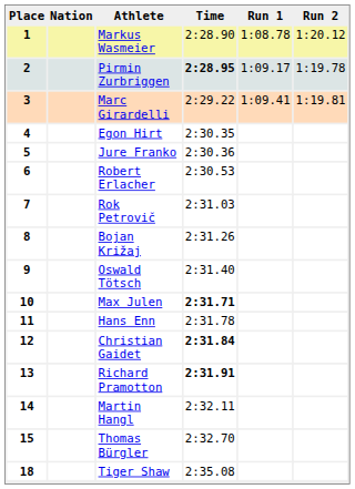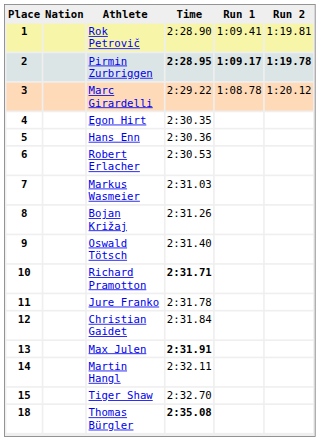 <table style="border-style:solid;border-width:1px;border-color:#808080;background-color:#EFEFEF" cellspacing="2" cellpadding="2" width="380px">
 <tr bgcolor="#EFEFEF">
 <th>Place</th>
 <th>Nation</th>
 <th>Athlete</th>
 <th>Time</th>
 <th>Run 1</th>
 <th>Run 2</th>
 </tr>
 <tr align="center" valign="top" bgcolor="#F7F6A8">
 <th>1</th>
 <td></td>
-<td align="left"><a href='#'>Markus Wasmeier</a></td>
+<td align="left"><a href='#'>Rok Petrovič</a></td>
 <td align="left">2:28.90</td>
-<td>1:08.78</td>
-<td>1:20.12</td>
+<td>1:09.41</td>
+<td>1:19.81</td>
 </tr>
 <tr align="center" valign="top" bgcolor="#DCE5E5">
 <th>2</th>
 <td></td>
 <td align="left"><a href='#'>Pirmin Zurbriggen</a></td>
 <td align="left"><strong>2:28.95</strong></td>
-<td>1:09.17</td>
-<td>1:19.78</td>
+<td><strong>1:09.17</strong></td>
+<td><strong>1:19.78</strong></td>
 </tr>
 <tr align="center" valign="top" bgcolor="#FFDAB9">
 <th>3</th>
 <td></td>
 <td align="left"><a href='#'>Marc Girardelli</a></td>
 <td align="left">2:29.22</td>
-<td>1:09.41</td>
-<td>1:19.81</td>
+<td>1:08.78</td>
+<td>1:20.12</td>
 </tr>
 <tr align="center" valign="top" bgcolor="#FFFFFF">
 <th>4</th>
 <td></td>
 <td align="left"><a href='#'>Egon Hirt</a></td>
 <td align="left">2:30.35</td>
 <td></td>
 <td></td>
 </tr>
 <tr align="center" valign="top" bgcolor="#FFFFFF">
 <th>5</th>
 <td></td>
-<td align="left"><a href='#'>Jure Franko</a></td>
+<td align="left"><a href='#'>Hans Enn</a></td>
 <td align="left">2:30.36</td>
 <td></td>
 <td></td>
 </tr>
 <tr align="center" valign="top" bgcolor="#FFFFFF">
 <th>6</th>
 <td></td>
 <td align="left"><a href='#'>Robert Erlacher</a></td>
 <td align="left">2:30.53</td>
 <td></td>
 <td></td>
 </tr>
 <tr align="center" valign="top" bgcolor="#FFFFFF">
 <th>7</th>
 <td></td>
-<td align="left"><a href='#'>Rok Petrovič</a></td>
+<td align="left"><a href='#'>Markus Wasmeier</a></td>
 <td align="left">2:31.03</td>
 <td></td>
 <td></td>
 </tr>
 <tr align="center" valign="top" bgcolor="#FFFFFF">
 <th>8</th>
 <td></td>
 <td align="left"><a href='#'>Bojan Križaj</a></td>
 <td align="left">2:31.26</td>
 <td></td>
 <td></td>
 </tr>
 <tr align="center" valign="top" bgcolor="#FFFFFF">
 <th>9</th>
 <td></td>
 <td align="left"><a href='#'>Oswald Tötsch</a></td>
 <td align="left">2:31.40</td>
 <td></td>
 <td></td>
 </tr>
 <tr align="center" valign="top" bgcolor="#FFFFFF">
 <th>10</th>
 <td></td>
-<td align="left"><a href='#'>Max Julen</a></td>
+<td align="left"><a href='#'>Richard Pramotton</a></td>
 <td align="left"><strong>2:31.71</strong></td>
 <td></td>
 <td></td>
 </tr>
 <tr align="center" valign="top" bgcolor="#FFFFFF">
 <th>11</th>
 <td></td>
-<td align="left"><a href='#'>Hans Enn</a></td>
+<td align="left"><a href='#'>Jure Franko</a></td>
 <td align="left">2:31.78</td>
 <td></td>
 <td></td>
 </tr>
 <tr align="center" valign="top" bgcolor="#FFFFFF">
 <th>12</th>
 <td></td>
 <td align="left"><a href='#'>Christian Gaidet</a></td>
-<td align="left"><strong>2:31.84</strong></td>
+<td align="left">2:31.84</td>
 <td></td>
 <td></td>
 </tr>
 <tr align="center" valign="top" bgcolor="#FFFFFF">
 <th>13</th>
 <td></td>
-<td align="left"><a href='#'>Richard Pramotton</a></td>
+<td align="left"><a href='#'>Max Julen</a></td>
 <td align="left"><strong>2:31.91</strong></td>
 <td></td>
 <td></td>
 </tr>
 <tr align="center" valign="top" bgcolor="#FFFFFF">
 <th>14</th>
 <td></td>
 <td align="left"><a href='#'>Martin Hangl</a></td>
 <td align="left">2:32.11</td>
 <td></td>
 <td></td>
 </tr>
 <tr align="center" valign="top" bgcolor="#FFFFFF">
 <th>15</th>
 <td></td>
-<td align="left"><a href='#'>Thomas Bürgler</a></td>
+<td align="left"><a href='#'>Tiger Shaw</a></td>
 <td align="left">2:32.70</td>
 <td></td>
 <td></td>
 </tr>
 <tr align="center" valign="top" bgcolor="#FFFFFF">
 <th>18</th>
 <td></td>
-<td align="left"><a href='#'>Tiger Shaw</a></td>
-<td align="left">2:35.08</td>
+<td align="left"><a href='#'>Thomas Bürgler</a></td>
+<td align="left"><strong>2:35.08</strong></td>
 <td></td>
 <td></td>
 </tr>
 <tr align="center" valign="top" bgcolor="#FFFFFF">
 </tr>
 </table>
